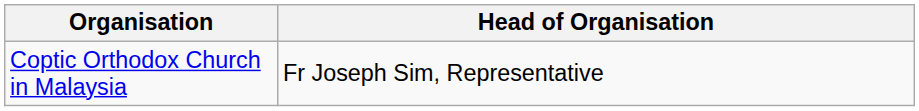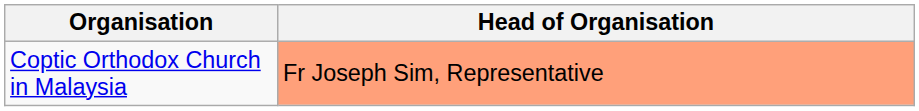 <table style="width:100%;border:0px;" class="wikitable">
 <tr>
 <th style="width:30%;">Organisation</th>
 <th style="width:70%;">Head of Organisation</th>
 </tr>
 <tr>
 <td><a href='#'>Coptic Orthodox Church in Malaysia</a></td>
-<td>Fr Joseph Sim, Representative</td>
+<td style="background: lightsalmon;">Fr Joseph Sim, Representative</td>
 </tr>
 </table>
